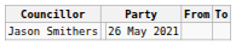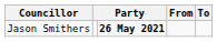 <table class=wikitable>
 <tr>
 <th>Councillor</th>
 <th colspan=2>Party</th>
 <th>From</th>
 <th>To</th>
 </tr>
 <tr>
 <td>Jason Smithers</td>
 <td></td>
-<td align=right>26 May 2021</td>
+<td align=right><strong>26 May 2021</strong></td>
 <td></td>
 </tr>
 </table>
